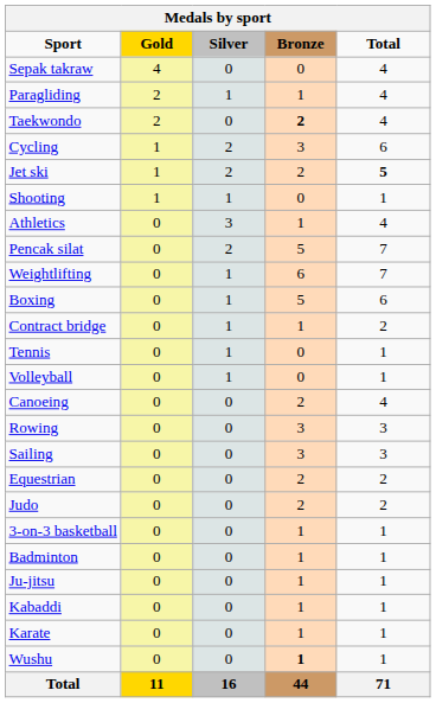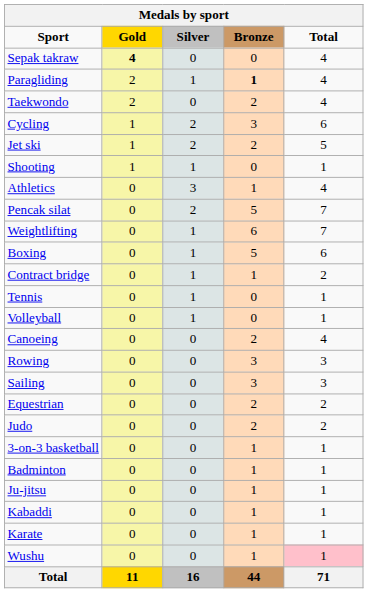 <table class="wikitable" style="font-size:90%; text-align:center;">
 <tr style="background:#efefef;">
 <th colspan=5>Medals by sport</th>
 </tr>
 <tr>
 <td><strong>Sport</strong></td>
 <td width=60 style="background:gold;"><strong>Gold </strong></td>
 <td width=60 style="background:silver;"><strong>Silver </strong></td>
 <td width=60 style="background:#c96;"><strong>Bronze </strong></td>
 <td width=80><strong>Total</strong></td>
 </tr>
 <tr>
 <td align=left> <a href='#'>Sepak takraw</a></td>
-<td style="background:#F7F6A8;">4</td>
+<td style="background:#F7F6A8;"><strong>4</strong></td>
 <td style="background:#DCE5E5;">0</td>
 <td style="background:#FFDAB9;">0</td>
 <td>4</td>
 </tr>
 <tr>
 <td align=left> <a href='#'>Paragliding</a></td>
 <td style="background:#F7F6A8;">2</td>
 <td style="background:#DCE5E5;">1</td>
-<td style="background:#FFDAB9;">1</td>
+<td style="background:#FFDAB9;"><strong>1</strong></td>
 <td>4</td>
 </tr>
 <tr>
 <td align=left> <a href='#'>Taekwondo</a></td>
 <td style="background:#F7F6A8;">2</td>
 <td style="background:#DCE5E5;">0</td>
-<td style="background:#FFDAB9;"><strong>2</strong></td>
+<td style="background:#FFDAB9;">2</td>
 <td>4</td>
 </tr>
 <tr>
 <td align=left> <a href='#'>Cycling</a></td>
 <td style="background:#F7F6A8;">1</td>
 <td style="background:#DCE5E5;">2</td>
 <td style="background:#FFDAB9;">3</td>
 <td>6</td>
 </tr>
 <tr>
 <td align=left> <a href='#'>Jet ski</a></td>
 <td style="background:#F7F6A8;">1</td>
 <td style="background:#DCE5E5;">2</td>
 <td style="background:#FFDAB9;">2</td>
-<td><strong>5</strong></td>
+<td>5</td>
 </tr>
 <tr>
 <td align=left> <a href='#'>Shooting</a></td>
 <td style="background:#F7F6A8;">1</td>
 <td style="background:#DCE5E5;">1</td>
 <td style="background:#FFDAB9;">0</td>
 <td>1</td>
 </tr>
 <tr>
 <td align=left> <a href='#'>Athletics</a></td>
 <td style="background:#F7F6A8;">0</td>
 <td style="background:#DCE5E5;">3</td>
 <td style="background:#FFDAB9;">1</td>
 <td>4</td>
 </tr>
 <tr>
 <td align=left> <a href='#'>Pencak silat</a></td>
 <td style="background:#F7F6A8;">0</td>
 <td style="background:#DCE5E5;">2</td>
 <td style="background:#FFDAB9;">5</td>
 <td>7</td>
 </tr>
 <tr>
 <td align=left> <a href='#'>Weightlifting</a></td>
 <td style="background:#F7F6A8;">0</td>
 <td style="background:#DCE5E5;">1</td>
 <td style="background:#FFDAB9;">6</td>
 <td>7</td>
 </tr>
 <tr>
 <td align=left> <a href='#'>Boxing</a></td>
 <td style="background:#F7F6A8;">0</td>
 <td style="background:#DCE5E5;">1</td>
 <td style="background:#FFDAB9;">5</td>
 <td>6</td>
 </tr>
 <tr>
 <td align=left> <a href='#'>Contract bridge</a></td>
 <td style="background:#F7F6A8;">0</td>
 <td style="background:#DCE5E5;">1</td>
 <td style="background:#FFDAB9;">1</td>
 <td>2</td>
 </tr>
 <tr>
 <td align=left> <a href='#'>Tennis</a></td>
 <td style="background:#F7F6A8;">0</td>
 <td style="background:#DCE5E5;">1</td>
 <td style="background:#FFDAB9;">0</td>
 <td>1</td>
 </tr>
 <tr>
 <td align=left> <a href='#'>Volleyball</a></td>
 <td style="background:#F7F6A8;">0</td>
 <td style="background:#DCE5E5;">1</td>
 <td style="background:#FFDAB9;">0</td>
 <td>1</td>
 </tr>
 <tr>
 <td align=left> <a href='#'>Canoeing</a></td>
 <td style="background:#F7F6A8;">0</td>
 <td style="background:#DCE5E5;">0</td>
 <td style="background:#FFDAB9;">2</td>
 <td>4</td>
 </tr>
 <tr>
 <td align=left> <a href='#'>Rowing</a></td>
 <td style="background:#F7F6A8;">0</td>
 <td style="background:#DCE5E5;">0</td>
 <td style="background:#FFDAB9;">3</td>
 <td>3</td>
 </tr>
 <tr>
 <td align=left> <a href='#'>Sailing</a></td>
 <td style="background:#F7F6A8;">0</td>
 <td style="background:#DCE5E5;">0</td>
 <td style="background:#FFDAB9;">3</td>
 <td>3</td>
 </tr>
 <tr>
 <td align=left> <a href='#'>Equestrian</a></td>
 <td style="background:#F7F6A8;">0</td>
 <td style="background:#DCE5E5;">0</td>
 <td style="background:#FFDAB9;">2</td>
 <td>2</td>
 </tr>
 <tr>
 <td align=left> <a href='#'>Judo</a></td>
 <td style="background:#F7F6A8;">0</td>
 <td style="background:#DCE5E5;">0</td>
 <td style="background:#FFDAB9;">2</td>
 <td>2</td>
 </tr>
 <tr>
 <td align=left> <a href='#'>3-on-3 basketball</a></td>
 <td style="background:#F7F6A8;">0</td>
 <td style="background:#DCE5E5;">0</td>
 <td style="background:#FFDAB9;">1</td>
 <td>1</td>
 </tr>
 <tr>
 <td align=left> <a href='#'>Badminton</a></td>
 <td style="background:#F7F6A8;">0</td>
 <td style="background:#DCE5E5;">0</td>
 <td style="background:#FFDAB9;">1</td>
 <td>1</td>
 </tr>
 <tr>
 <td align=left> <a href='#'>Ju-jitsu</a></td>
 <td style="background:#F7F6A8;">0</td>
 <td style="background:#DCE5E5;">0</td>
 <td style="background:#FFDAB9;">1</td>
 <td>1</td>
 </tr>
 <tr>
 <td align=left> <a href='#'>Kabaddi</a></td>
 <td style="background:#F7F6A8;">0</td>
 <td style="background:#DCE5E5;">0</td>
 <td style="background:#FFDAB9;">1</td>
 <td>1</td>
 </tr>
 <tr>
 <td align=left> <a href='#'>Karate</a></td>
 <td style="background:#F7F6A8;">0</td>
 <td style="background:#DCE5E5;">0</td>
 <td style="background:#FFDAB9;">1</td>
 <td>1</td>
 </tr>
 <tr>
 <td align=left> <a href='#'>Wushu</a></td>
 <td style="background:#F7F6A8;">0</td>
 <td style="background:#DCE5E5;">0</td>
-<td style="background:#FFDAB9;"><strong>1</strong></td>
-<td>1</td>
+<td style="background:#FFDAB9;">1</td>
+<td style="background: pink;">1</td>
 </tr>
 <tr>
 <th>Total</th>
 <th style="background:gold;">11</th>
 <th style="background:silver;">16</th>
 <th style="background:#c96;">44</th>
 <th>71</th>
 </tr>
 </table>
